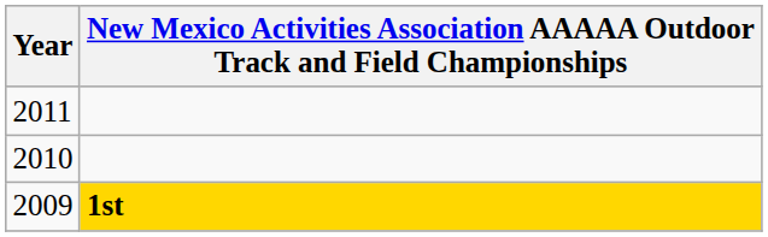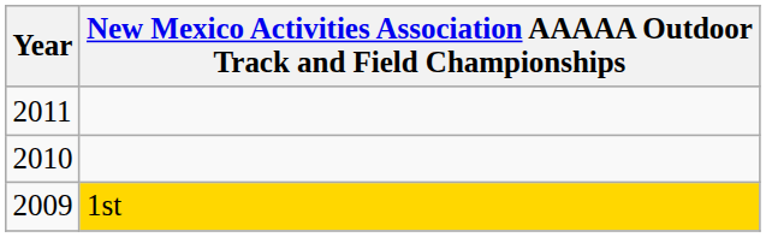 <table class="wikitable sortable">
 <tr>
 <th>Year</th>
 <th><a href='#'>New Mexico Activities Association</a> AAAAA Outdoor<br>Track and Field Championships</th>
 </tr>
 <tr>
 <td>2011</td>
 <td></td>
 </tr>
 <tr>
 <td>2010</td>
 <td></td>
 </tr>
 <tr>
 <td>2009</td>
-<td bgcolor=gold><strong> 1st</strong></td>
+<td bgcolor=gold> 1st</td>
 </tr>
 </table>
